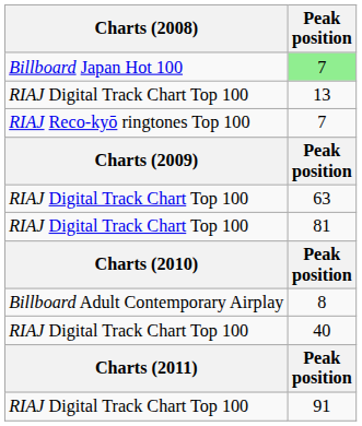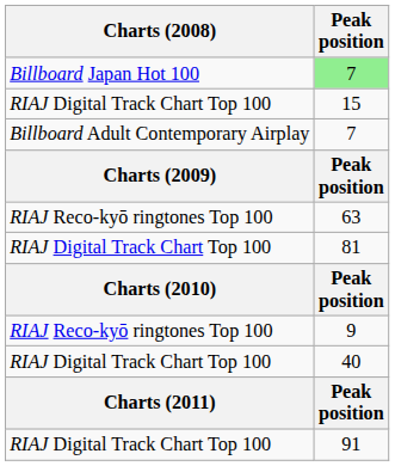 <table class="wikitable">
 <tr>
 <th>Charts (2008)</th>
 <th>Peak<br>position</th>
 </tr>
 <tr>
 <td><em><a href='#'>Billboard</a></em> <a href='#'>Japan Hot 100</a></td>
 <td align="center" style="background: lightgreen;">7</td>
 </tr>
 <tr>
 <td><em>RIAJ</em> Digital Track Chart Top 100</td>
-<td align="center">13</td>
+<td align="center">15</td>
 </tr>
 <tr>
-<td><em><a href='#'>RIAJ</a></em> <a href='#'>Reco-kyō</a> ringtones Top 100</td>
+<td><em>Billboard</em> Adult Contemporary Airplay</td>
 <td align="center">7</td>
 </tr>
 <tr>
 <th>Charts (2009)</th>
 <th>Peak<br>position</th>
 </tr>
 <tr>
-<td><em>RIAJ</em> <a href='#'>Digital Track Chart</a> Top 100</td>
+<td><em>RIAJ</em> Reco-kyō ringtones Top 100</td>
 <td align="center">63</td>
 </tr>
 <tr>
 <td><em>RIAJ</em> <a href='#'>Digital Track Chart</a> Top 100</td>
 <td align="center">81</td>
 </tr>
 <tr>
 <th>Charts (2010)</th>
 <th>Peak<br>position</th>
 </tr>
 <tr>
-<td><em>Billboard</em> Adult Contemporary Airplay</td>
-<td align="center">8</td>
+<td><em><a href='#'>RIAJ</a></em> <a href='#'>Reco-kyō</a> ringtones Top 100</td>
+<td align="center">9</td>
 </tr>
 <tr>
 <td><em>RIAJ</em> Digital Track Chart Top 100</td>
 <td align="center">40</td>
 </tr>
 <tr>
 <th>Charts (2011)</th>
 <th>Peak<br>position</th>
 </tr>
 <tr>
 <td><em>RIAJ</em> Digital Track Chart Top 100</td>
 <td align="center">91</td>
 </tr>
 </table>
